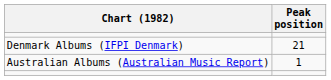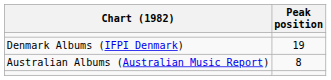 <table class="wikitable sortable plainrowheaders">
 <tr>
 <th>Chart (1982)</th>
 <th>Peak<br>position</th>
 </tr>
 <tr>
 <td></td>
 </tr>
 <tr>
 <td>Denmark Albums (<a href='#'>IFPI Denmark</a>)</td>
-<td style="text-align:center;">21</td>
+<td style="text-align:center;">19</td>
 </tr>
 <tr>
 <td>Australian Albums (<a href='#'>Australian Music Report</a>)</td>
-<td style="text-align:center;">1</td>
+<td style="text-align:center;">8</td>
 </tr>
 <tr>
 <td></td>
 </tr>
 </table>
